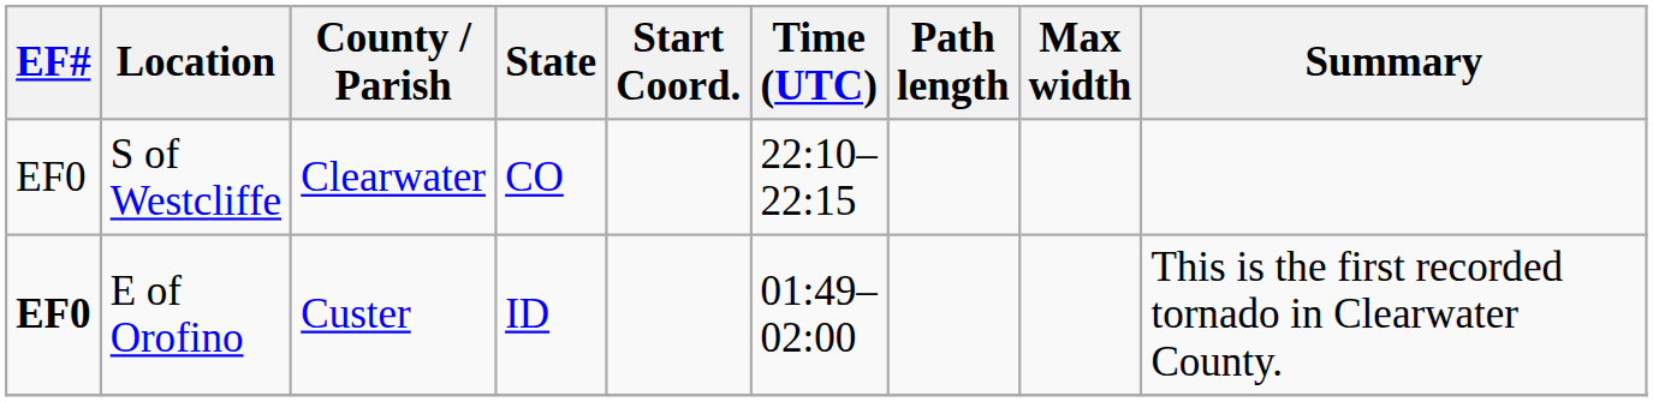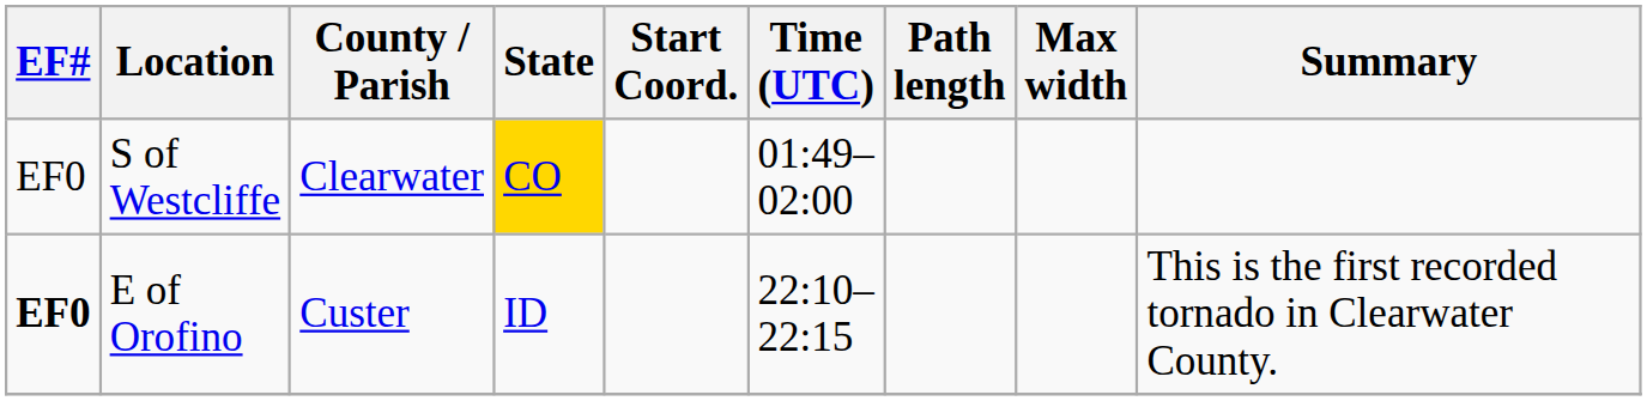 <table class="wikitable sortable" style="width:100%;">
 <tr>
 <th scope="col"  style="width:3%; text-align:center;"><a href='#'>EF#</a></th>
 <th scope="col"  style="width:7%; text-align:center;" class="unsortable">Location</th>
 <th scope="col"  style="width:6%; text-align:center;" class="unsortable">County / Parish</th>
 <th scope="col"  style="width:5%; text-align:center;">State</th>
 <th scope="col"  style="width:6%; text-align:center;">Start Coord.</th>
 <th scope="col"  style="width:6%; text-align:center;">Time (<a href='#'>UTC</a>)</th>
 <th scope="col"  style="width:6%; text-align:center;">Path length</th>
 <th scope="col"  style="width:6%; text-align:center;">Max width</th>
 <th scope="col" class="unsortable" style="width:48%; text-align:center;">Summary</th>
 </tr>
 <tr>
 <td>EF0</td>
 <td>S of <a href='#'>Westcliffe</a></td>
 <td><a href='#'>Clearwater</a></td>
-<td><a href='#'>CO</a></td>
+<td style="background: gold;"><a href='#'>CO</a></td>
 <td></td>
-<td>22:10–22:15</td>
+<td>01:49–02:00</td>
 <td></td>
 <td></td>
 <td></td>
 </tr>
 <tr>
 <td><strong>EF0</strong></td>
 <td>E of <a href='#'>Orofino</a></td>
 <td><a href='#'>Custer</a></td>
 <td><a href='#'>ID</a></td>
 <td></td>
-<td>01:49–02:00</td>
+<td>22:10–22:15</td>
 <td></td>
 <td></td>
 <td>This is the first recorded tornado in Clearwater County.</td>
 </tr>
 <tr>
 </tr>
 </table>
